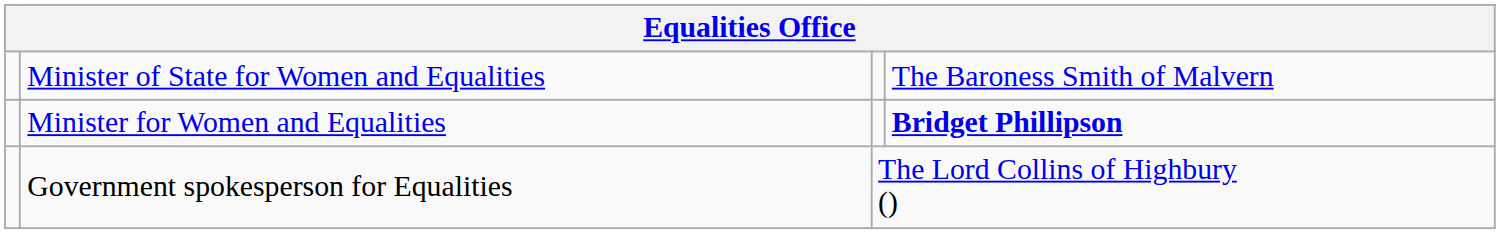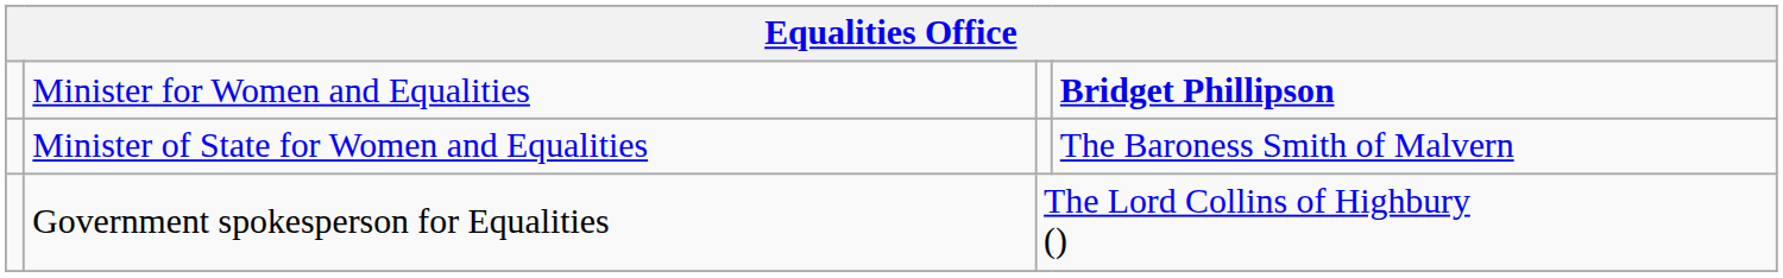 <table class="wikitable">
 <tr>
 <th colspan="4"><a href='#'>Equalities Office</a></th>
-</tr>
-<tr>
-<td style="background: "></td>
-<td><a href='#'>Minister of State for Women and Equalities</a></td>
-<td style="background: "></td>
-<td><a href='#'>The Baroness Smith of Malvern</a><br></td>
 </tr>
 <tr>
 <td style="width: 1px; background: "></td>
 <td style="width: 450px;"><a href='#'>Minister for Women and Equalities</a></td>
 <td style="background: "></td>
 <td style="width: 320px;"><strong><a href='#'>Bridget Phillipson</a></strong><br></td>
 </tr>
 <tr>
 <td style="background: "></td>
+<td><a href='#'>Minister of State for Women and Equalities</a></td>
+<td style="background: "></td>
+<td><a href='#'>The Baroness Smith of Malvern</a><br></td>
+</tr>
+<tr>
+<td style="background: "></td>
 <td>Government spokesperson for Equalities</td>
 <td colspan=2><a href='#'>The Lord Collins of Highbury</a><br>()<br></td>
 </tr>
 </table>
